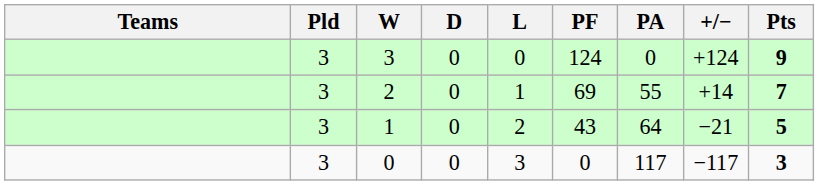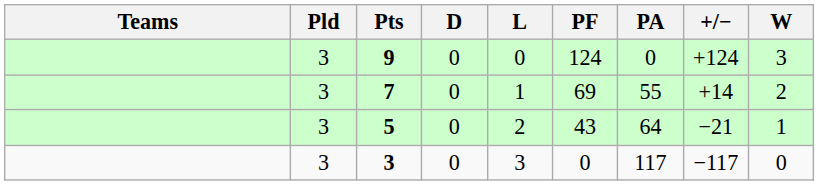 <table class="wikitable" style="text-align: center;">
 <tr>
 <th width="200">Teams</th>
 <th width="40">Pld</th>
-<th width="40">W</th>
+<th width="40">Pts</th>
 <th width="40">D</th>
 <th width="40">L</th>
 <th width="40">PF</th>
 <th width="40">PA</th>
 <th width="40">+/−</th>
-<th width="40">Pts</th>
+<th width="40">W</th>
 </tr>
 <tr bgcolor=#ccffcc>
 <td align=left></td>
 <td>3</td>
-<td>3</td>
+<td><strong>9</strong></td>
 <td>0</td>
 <td>0</td>
 <td>124</td>
 <td>0</td>
 <td>+124</td>
-<td><strong>9</strong></td>
+<td>3</td>
 </tr>
 <tr bgcolor=#ccffcc>
 <td align=left></td>
 <td>3</td>
-<td>2</td>
+<td><strong>7</strong></td>
 <td>0</td>
 <td>1</td>
 <td>69</td>
 <td>55</td>
 <td>+14</td>
-<td><strong>7</strong></td>
+<td>2</td>
 </tr>
 <tr bgcolor=#ccffcc>
 <td align=left></td>
 <td>3</td>
-<td>1</td>
+<td><strong>5</strong></td>
 <td>0</td>
 <td>2</td>
 <td>43</td>
 <td>64</td>
 <td>−21</td>
-<td><strong>5</strong></td>
+<td>1</td>
 </tr>
 <tr>
 <td align=left></td>
 <td>3</td>
-<td>0</td>
+<td><strong>3</strong></td>
 <td>0</td>
 <td>3</td>
 <td>0</td>
 <td>117</td>
 <td>−117</td>
-<td><strong>3</strong></td>
+<td>0</td>
 </tr>
 </table>
